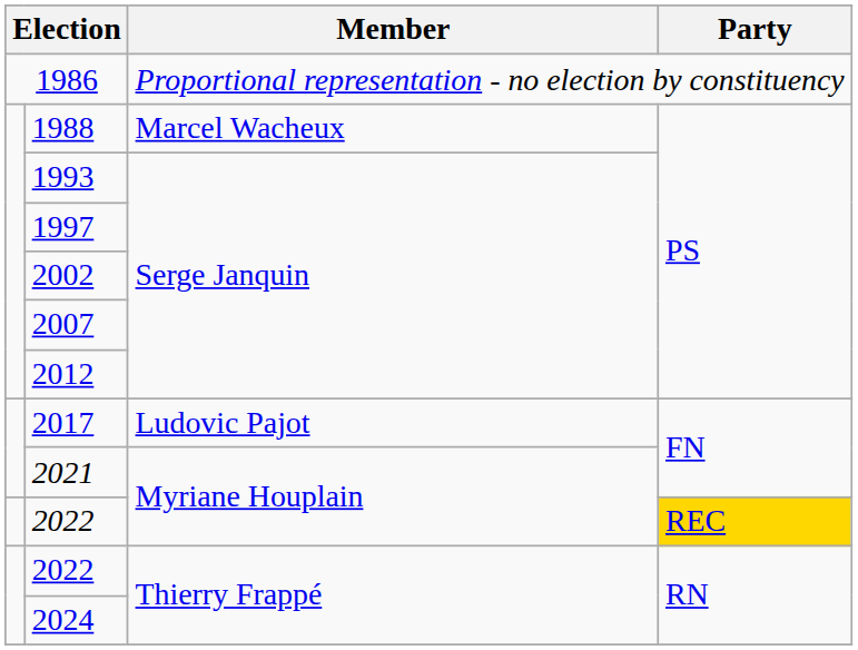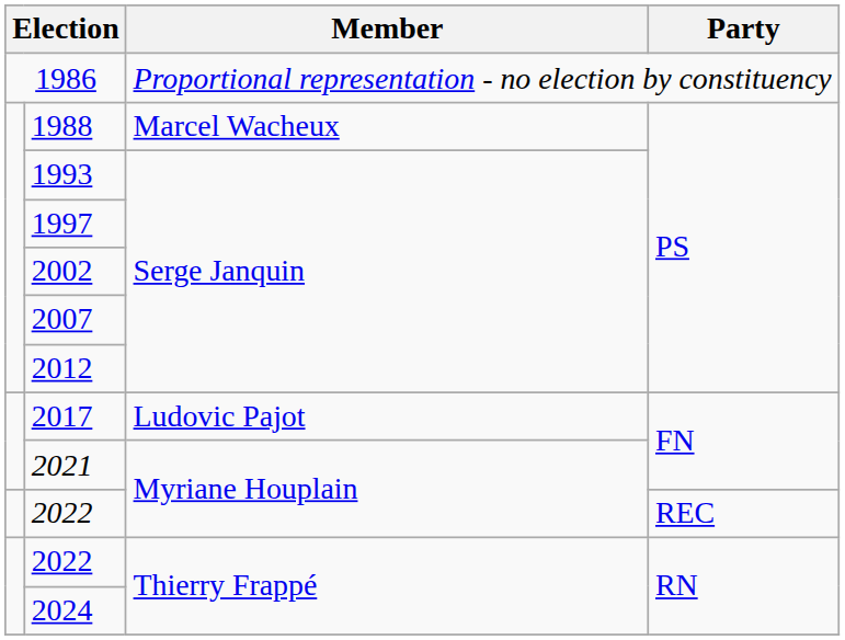 <table class="wikitable">
 <tr>
 <th colspan="2">Election</th>
 <th>Member</th>
 <th>Party</th>
 </tr>
 <tr>
 <td colspan="2" align="center"><a href='#'>1986</a></td>
 <td colspan="2"><em><a href='#'>Proportional representation</a> - no election by constituency</em></td>
 </tr>
 <tr>
 <td rowspan="6" style="background-color: "></td>
 <td><a href='#'>1988</a></td>
 <td><a href='#'>Marcel Wacheux</a></td>
 <td rowspan="6"><a href='#'>PS</a></td>
 </tr>
 <tr>
 <td><a href='#'>1993</a></td>
 <td rowspan="5"><a href='#'>Serge Janquin</a></td>
 </tr>
 <tr>
 <td><a href='#'>1997</a></td>
 </tr>
 <tr>
 <td><a href='#'>2002</a></td>
 </tr>
 <tr>
 <td><a href='#'>2007</a></td>
 </tr>
 <tr>
 <td><a href='#'>2012</a></td>
 </tr>
 <tr>
 <td rowspan="2" style="background-color: "></td>
 <td><a href='#'>2017</a></td>
 <td><a href='#'>Ludovic Pajot</a></td>
 <td rowspan="2"><a href='#'>FN</a></td>
 </tr>
 <tr>
 <td><em>2021</em></td>
 <td rowspan="2"><a href='#'>Myriane Houplain</a></td>
 </tr>
 <tr>
 <td style="color:inherit;background-color: "></td>
 <td><em>2022</em></td>
-<td style="background: gold;"><a href='#'>REC</a></td>
+<td><a href='#'>REC</a></td>
 </tr>
 <tr>
 <td rowspan=2 style="color:inherit;background-color: "></td>
 <td><a href='#'>2022</a></td>
 <td rowspan=2><a href='#'>Thierry Frappé</a></td>
 <td rowspan=2><a href='#'>RN</a></td>
 </tr>
 <tr>
 <td><a href='#'>2024</a></td>
 </tr>
 </table>
